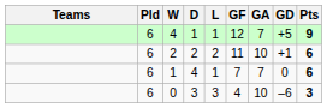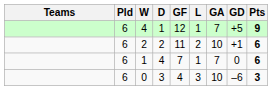 <table class="wikitable" style="text-align: center;">
 <tr>
 <th width=165>Teams</th>
 <th width=20>Pld</th>
 <th width=20>W</th>
 <th width=20>D</th>
+<th width=20>GF</th>
 <th width=20>L</th>
-<th width=20>GF</th>
 <th width=20>GA</th>
 <th width=20>GD</th>
 <th width=20>Pts</th>
 </tr>
 <tr align=center style="background:#ccffcc;">
 <td style="text-align:left;"></td>
 <td>6</td>
 <td>4</td>
 <td>1</td>
+<td>12</td>
 <td>1</td>
-<td>12</td>
 <td>7</td>
 <td>+5</td>
 <td><strong>9</strong></td>
 </tr>
 <tr align=center>
 <td style="text-align:left;"></td>
 <td>6</td>
 <td>2</td>
 <td>2</td>
+<td>11</td>
 <td>2</td>
-<td>11</td>
 <td>10</td>
 <td>+1</td>
 <td><strong>6</strong></td>
 </tr>
 <tr align=center>
 <td style="text-align:left;"></td>
 <td>6</td>
 <td>1</td>
 <td>4</td>
+<td>7</td>
 <td>1</td>
-<td>7</td>
 <td>7</td>
 <td>0</td>
 <td><strong>6</strong></td>
 </tr>
 <tr align=center>
 <td style="text-align:left;"></td>
 <td>6</td>
 <td>0</td>
 <td>3</td>
+<td>4</td>
 <td>3</td>
-<td>4</td>
 <td>10</td>
 <td>–6</td>
 <td><strong>3</strong></td>
 </tr>
 </table>
